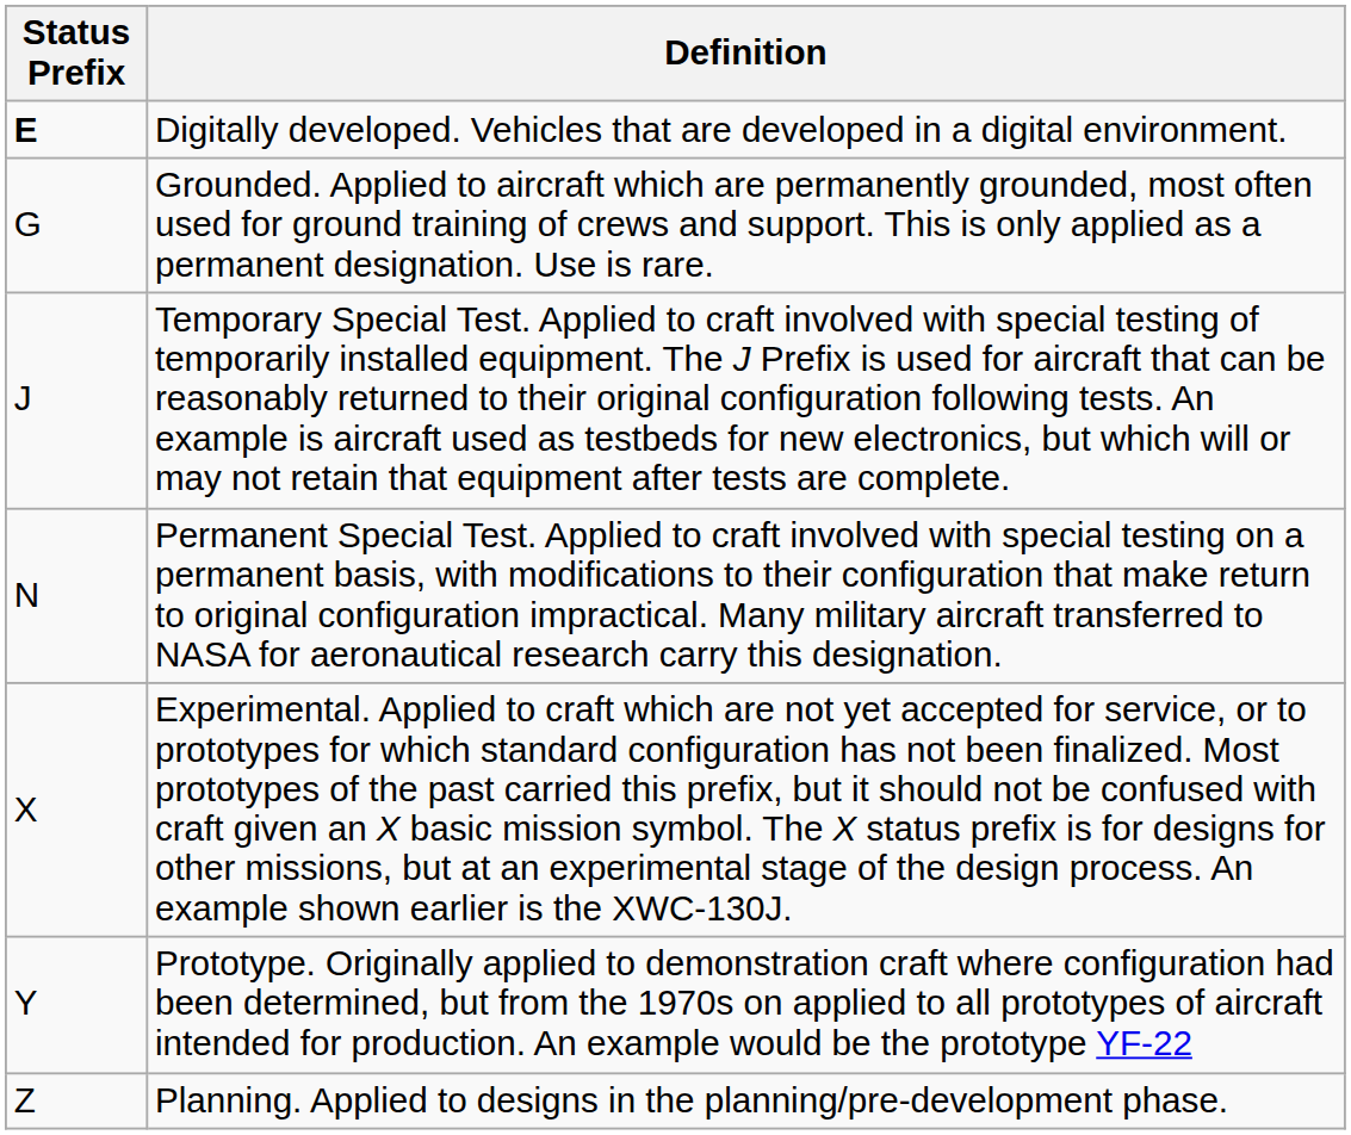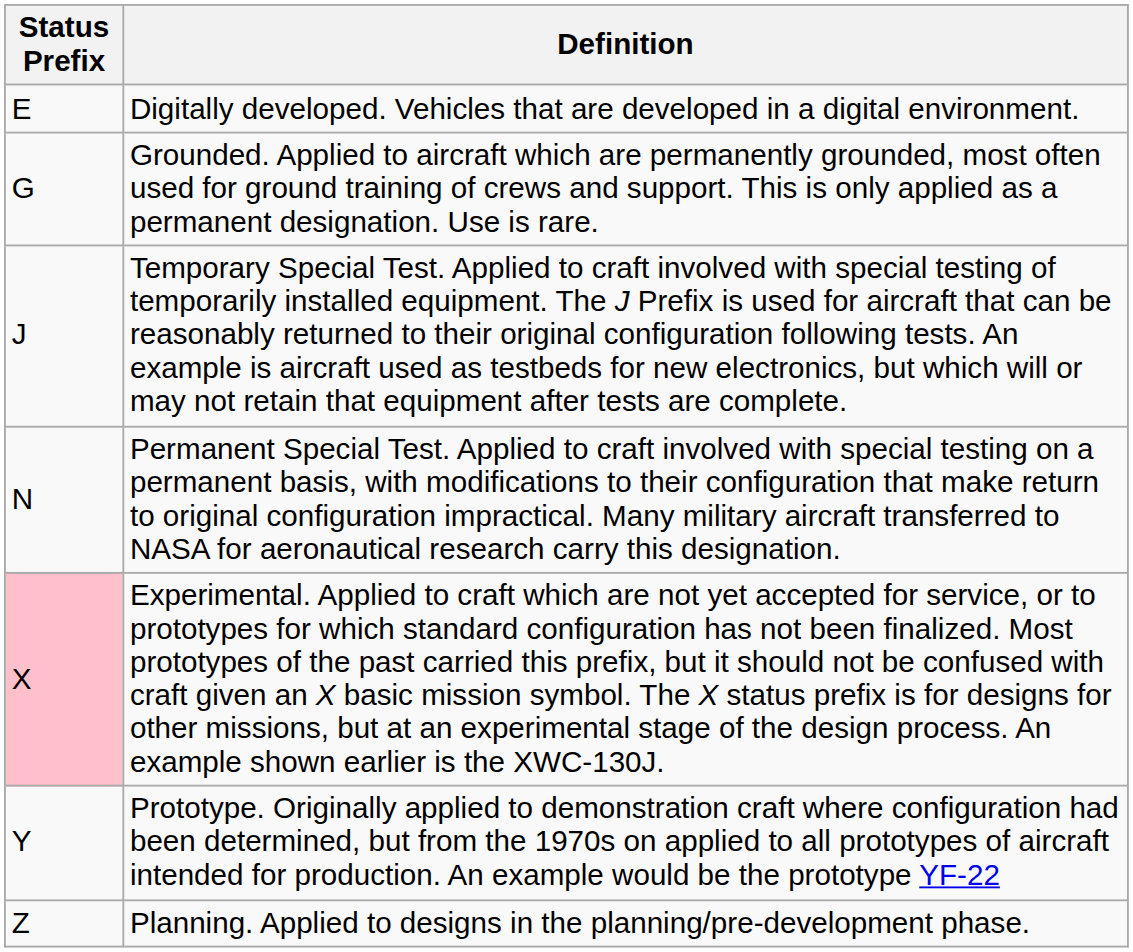 <table class="wikitable">
 <tr>
 <th>Status Prefix</th>
 <th>Definition</th>
 </tr>
 <tr>
-<td><strong>E</strong></td>
+<td>E</td>
 <td>Digitally developed. Vehicles that are developed in a digital environment.</td>
 </tr>
 <tr>
 <td>G</td>
 <td>Grounded. Applied to aircraft which are permanently grounded, most often used for ground training of crews and support. This is only applied as a permanent designation. Use is rare.</td>
 </tr>
 <tr>
 <td>J</td>
 <td>Temporary Special Test. Applied to craft involved with special testing of temporarily installed equipment. The <em>J</em> Prefix is used for aircraft that can be reasonably returned to their original configuration following tests. An example is aircraft used as testbeds for new electronics, but which will or may not retain that equipment after tests are complete.</td>
 </tr>
 <tr>
 <td>N</td>
 <td>Permanent Special Test. Applied to craft involved with special testing on a permanent basis, with modifications to their configuration that make return to original configuration impractical. Many military aircraft transferred to NASA for aeronautical research carry this designation.</td>
 </tr>
 <tr>
-<td>X</td>
+<td style="background: pink;">X</td>
 <td>Experimental. Applied to craft which are not yet accepted for service, or to prototypes for which standard configuration has not been finalized. Most prototypes of the past carried this prefix, but it should not be confused with craft given an <em>X</em> basic mission symbol. The <em>X</em> status prefix is for designs for other missions, but at an experimental stage of the design process. An example shown earlier is the XWC-130J.</td>
 </tr>
 <tr>
 <td>Y</td>
 <td>Prototype. Originally applied to demonstration craft where configuration had been determined, but from the 1970s on applied to all prototypes of aircraft intended for production. An example would be the prototype <a href='#'>YF-22</a></td>
 </tr>
 <tr>
 <td>Z</td>
 <td>Planning. Applied to designs in the planning/pre-development phase.</td>
 </tr>
 </table>
